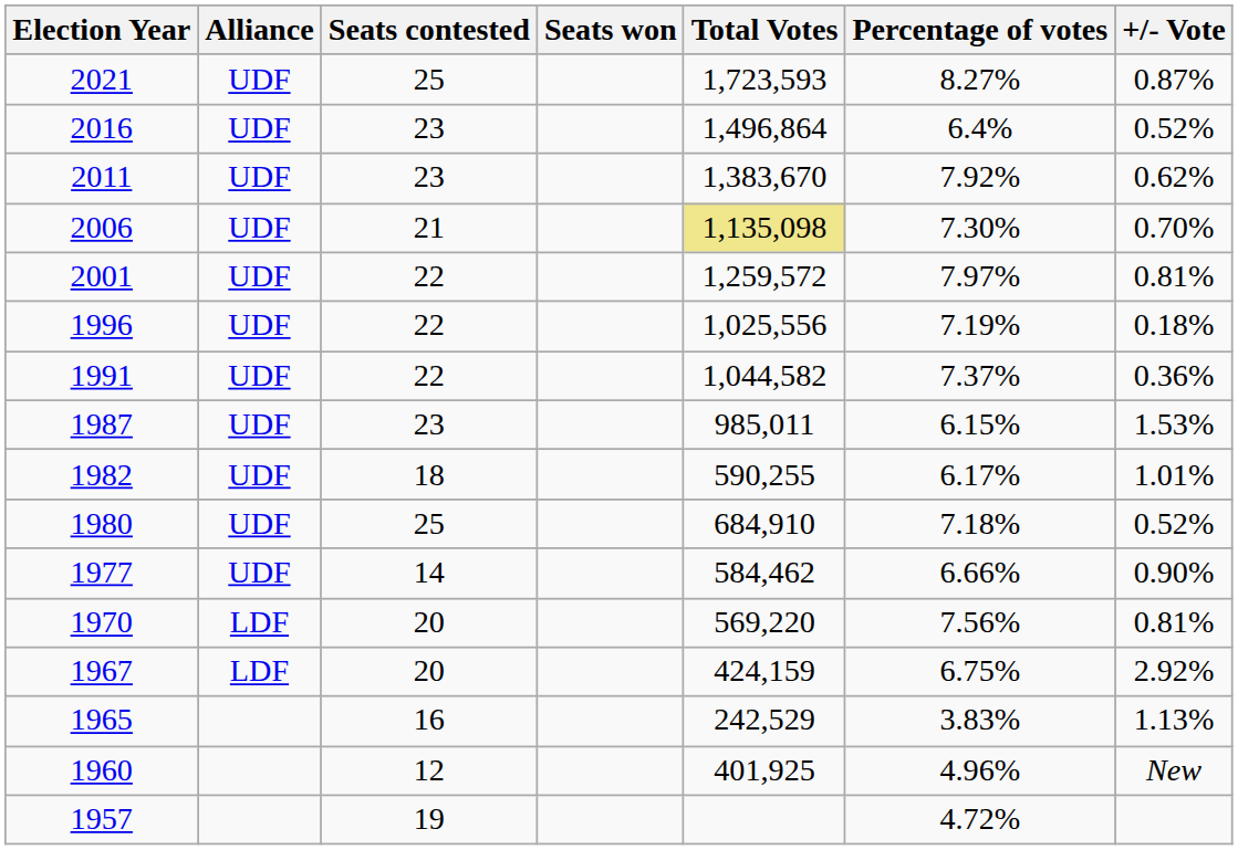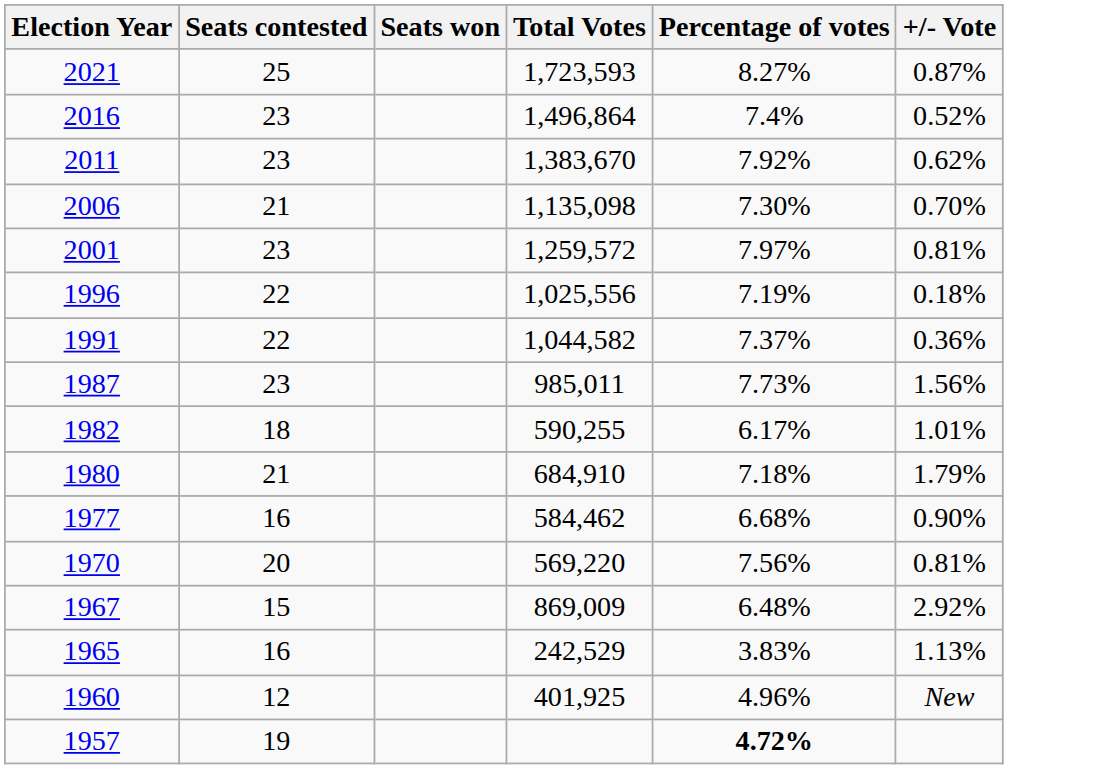 <table class="wikitable" style="text-align:center">
 <tr>
 <th Style="background-color:">Election Year</th>
-<th Style="background-color:">Alliance</th>
 <th Style="background-color:">Seats contested</th>
 <th Style="background-color:">Seats won</th>
 <th Style="background-color:">Total Votes</th>
 <th Style="background-color:">Percentage of votes</th>
 <th Style="background-color:">+/- Vote</th>
 </tr>
 <tr>
 <td><a href='#'>2021</a></td>
-<td><a href='#'>UDF</a></td>
 <td>25</td>
 <td></td>
 <td>1,723,593</td>
 <td>8.27%</td>
 <td> 0.87%</td>
 </tr>
 <tr>
 <td><a href='#'>2016</a></td>
-<td><a href='#'>UDF</a></td>
 <td>23</td>
 <td></td>
 <td>1,496,864</td>
-<td>6.4%</td>
+<td>7.4%</td>
 <td> 0.52%</td>
 </tr>
 <tr>
 <td><a href='#'>2011</a></td>
-<td><a href='#'>UDF</a></td>
 <td>23</td>
 <td></td>
 <td>1,383,670</td>
 <td>7.92%</td>
 <td> 0.62%</td>
 </tr>
 <tr>
 <td><a href='#'>2006</a></td>
-<td><a href='#'>UDF</a></td>
 <td>21</td>
 <td></td>
-<td style="background: khaki;">1,135,098</td>
+<td>1,135,098</td>
 <td>7.30%</td>
 <td> 0.70%</td>
 </tr>
 <tr>
 <td><a href='#'>2001</a></td>
-<td><a href='#'>UDF</a></td>
-<td>22</td>
+<td>23</td>
 <td></td>
 <td>1,259,572</td>
 <td>7.97%</td>
 <td> 0.81%</td>
 </tr>
 <tr>
 <td><a href='#'>1996</a></td>
-<td><a href='#'>UDF</a></td>
 <td>22</td>
 <td></td>
 <td>1,025,556</td>
 <td>7.19%</td>
 <td> 0.18%</td>
 </tr>
 <tr>
 <td><a href='#'>1991</a></td>
-<td><a href='#'>UDF</a></td>
 <td>22</td>
 <td></td>
 <td>1,044,582</td>
 <td>7.37%</td>
 <td> 0.36%</td>
 </tr>
 <tr>
 <td><a href='#'>1987</a></td>
-<td><a href='#'>UDF</a></td>
 <td>23</td>
 <td></td>
 <td>985,011</td>
-<td>6.15%</td>
-<td> 1.53%</td>
+<td>7.73%</td>
+<td> 1.56%</td>
 </tr>
 <tr>
 <td><a href='#'>1982</a></td>
-<td><a href='#'>UDF</a></td>
 <td>18</td>
 <td></td>
 <td>590,255</td>
 <td>6.17%</td>
 <td> 1.01%</td>
 </tr>
 <tr>
 <td><a href='#'>1980</a></td>
-<td><a href='#'>UDF</a></td>
-<td>25</td>
+<td>21</td>
 <td></td>
 <td>684,910</td>
 <td>7.18%</td>
-<td> 0.52%</td>
+<td> 1.79%</td>
 </tr>
 <tr>
 <td><a href='#'>1977</a></td>
-<td><a href='#'>UDF</a></td>
-<td>14</td>
+<td>16</td>
 <td></td>
 <td>584,462</td>
-<td>6.66%</td>
+<td>6.68%</td>
 <td> 0.90%</td>
 </tr>
 <tr>
 <td><a href='#'>1970</a></td>
-<td><a href='#'>LDF</a></td>
 <td>20</td>
 <td></td>
 <td>569,220</td>
 <td>7.56%</td>
 <td> 0.81%</td>
 </tr>
 <tr>
 <td><a href='#'>1967</a></td>
-<td><a href='#'>LDF</a></td>
-<td>20</td>
+<td>15</td>
 <td></td>
-<td>424,159</td>
-<td>6.75%</td>
+<td>869,009</td>
+<td>6.48%</td>
 <td> 2.92%</td>
 </tr>
 <tr>
 <td><a href='#'>1965</a></td>
-<td></td>
 <td>16</td>
 <td></td>
 <td>242,529</td>
 <td>3.83%</td>
 <td> 1.13%</td>
 </tr>
 <tr>
 <td><a href='#'>1960</a></td>
-<td></td>
 <td>12</td>
 <td></td>
 <td>401,925</td>
 <td>4.96%</td>
 <td><em>New</em></td>
 </tr>
 <tr>
 <td><a href='#'>1957</a></td>
-<td></td>
 <td>19</td>
 <td></td>
 <td></td>
-<td>4.72%</td>
+<td><strong>4.72%</strong></td>
 <td></td>
 </tr>
 </table>
